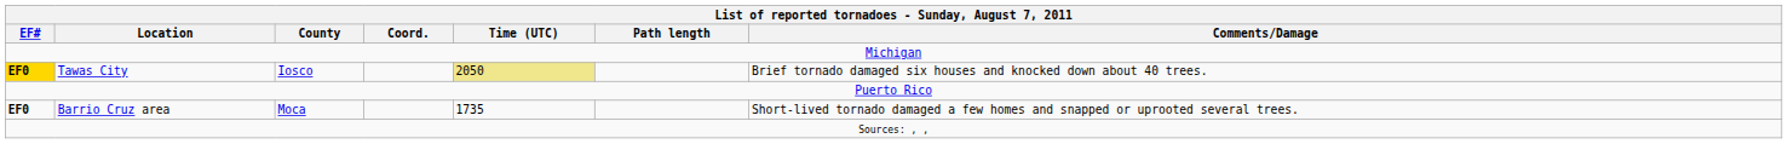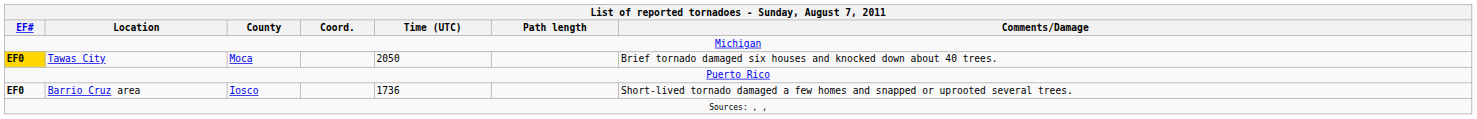 <table class="wikitable collapsible" width="100%">
 <tr>
 <th colspan="7">List of reported tornadoes - Sunday, August 7, 2011</th>
 </tr>
 <tr>
 <th><a href='#'>EF#</a></th>
 <th>Location</th>
 <th>County</th>
 <th>Coord.</th>
 <th>Time (UTC)</th>
 <th>Path length</th>
 <th>Comments/Damage</th>
 </tr>
 <tr>
 <td colspan="7" align=center><a href='#'>Michigan</a></td>
 </tr>
 <tr>
 <td style="background: gold;"><strong>EF0</strong></td>
 <td><a href='#'>Tawas City</a></td>
-<td><a href='#'>Iosco</a></td>
+<td><a href='#'>Moca</a></td>
 <td></td>
-<td style="background: khaki;">2050</td>
+<td>2050</td>
 <td></td>
 <td>Brief tornado damaged six houses and knocked down about 40 trees.</td>
 </tr>
 <tr>
 <td colspan="7" align=center><a href='#'>Puerto Rico</a></td>
 </tr>
 <tr>
 <td><strong>EF0</strong></td>
 <td><a href='#'>Barrio Cruz</a> area</td>
-<td><a href='#'>Moca</a></td>
+<td><a href='#'>Iosco</a></td>
 <td></td>
-<td>1735</td>
+<td>1736</td>
 <td></td>
 <td>Short-lived tornado damaged a few homes and snapped or uprooted several trees.</td>
 </tr>
 <tr>
 <td colspan="7" align=center><small>Sources: , , </small></td>
 </tr>
 </table>
